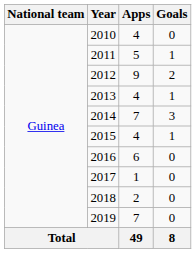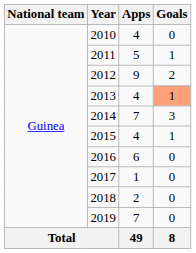 <table class="wikitable" style="text-align:center">
 <tr>
 <th>National team</th>
 <th>Year</th>
 <th>Apps</th>
 <th>Goals</th>
 </tr>
 <tr>
 <td rowspan="10"><a href='#'>Guinea</a></td>
 <td>2010</td>
 <td>4</td>
 <td>0</td>
 </tr>
 <tr>
 <td>2011</td>
 <td>5</td>
 <td>1</td>
 </tr>
 <tr>
 <td>2012</td>
 <td>9</td>
 <td>2</td>
 </tr>
 <tr>
 <td>2013</td>
 <td>4</td>
-<td>1</td>
+<td style="background: lightsalmon;">1</td>
 </tr>
 <tr>
 <td>2014</td>
 <td>7</td>
 <td>3</td>
 </tr>
 <tr>
 <td>2015</td>
 <td>4</td>
 <td>1</td>
 </tr>
 <tr>
 <td>2016</td>
 <td>6</td>
 <td>0</td>
 </tr>
 <tr>
 <td>2017</td>
 <td>1</td>
 <td>0</td>
 </tr>
 <tr>
 <td>2018</td>
 <td>2</td>
 <td>0</td>
 </tr>
 <tr>
 <td>2019</td>
 <td>7</td>
 <td>0</td>
 </tr>
 <tr>
 <th colspan="2">Total</th>
 <th>49</th>
 <th>8</th>
 </tr>
 </table>
